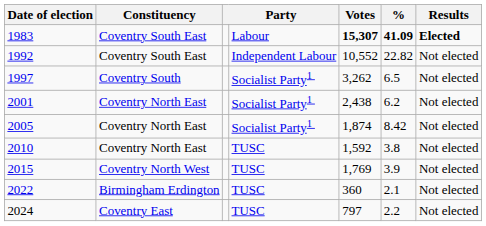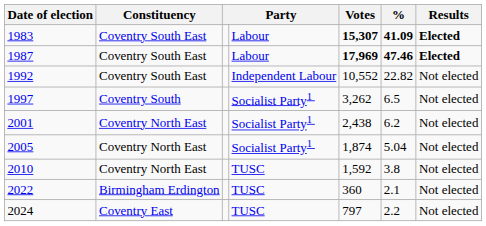 <table class="wikitable">
 <tr>
 <th>Date of election</th>
 <th>Constituency</th>
 <th colspan=2>Party</th>
 <th>Votes</th>
 <th>%</th>
 <th>Results</th>
 </tr>
 <tr>
 <td><a href='#'>1983</a></td>
 <td><a href='#'>Coventry South East</a></td>
 <td style="background:"></td>
 <td><a href='#'>Labour</a></td>
 <td><strong>15,307</strong></td>
 <td><strong>41.09</strong></td>
+<td><strong>Elected</strong></td>
+</tr>
+<tr>
+<td><a href='#'>1987</a></td>
+<td>Coventry South East</td>
+<td style="background:"></td>
+<td><a href='#'>Labour</a></td>
+<td><strong>17,969</strong></td>
+<td><strong>47.46</strong></td>
 <td><strong>Elected</strong></td>
 </tr>
 <tr>
 <td><a href='#'>1992</a></td>
 <td>Coventry South East</td>
 <td style="background:"></td>
 <td><a href='#'>Independent Labour</a></td>
 <td>10,552</td>
 <td>22.82</td>
 <td>Not elected</td>
 </tr>
 <tr>
 <td><a href='#'>1997</a></td>
 <td><a href='#'>Coventry South</a></td>
 <td style="background:"></td>
 <td><a href='#'>Socialist Party</a><sup><a href='#'>1 </a></sup></td>
 <td>3,262</td>
 <td>6.5</td>
 <td>Not elected</td>
 </tr>
 <tr>
 <td><a href='#'>2001</a></td>
 <td><a href='#'>Coventry North East</a></td>
 <td style="background:"></td>
 <td><a href='#'>Socialist Party</a><sup><a href='#'>1 </a></sup></td>
 <td>2,438</td>
 <td>6.2</td>
 <td>Not elected</td>
 </tr>
 <tr>
 <td><a href='#'>2005</a></td>
 <td>Coventry North East</td>
 <td style="background:"></td>
 <td><a href='#'>Socialist Party</a><sup><a href='#'>1 </a></sup></td>
 <td>1,874</td>
-<td>8.42</td>
+<td>5.04</td>
 <td>Not elected</td>
 </tr>
 <tr>
 <td><a href='#'>2010</a></td>
 <td>Coventry North East</td>
 <td style="background:"></td>
 <td><a href='#'>TUSC</a></td>
 <td>1,592</td>
 <td>3.8</td>
-<td>Not elected</td>
-</tr>
-<tr>
-<td><a href='#'>2015</a></td>
-<td><a href='#'>Coventry North West</a></td>
-<td style="background:"></td>
-<td><a href='#'>TUSC</a></td>
-<td>1,769</td>
-<td>3.9</td>
 <td>Not elected</td>
 </tr>
 <tr>
 <td><a href='#'>2022</a></td>
 <td><a href='#'>Birmingham Erdington</a></td>
 <td style="background:"></td>
 <td><a href='#'>TUSC</a></td>
 <td>360</td>
 <td>2.1</td>
 <td>Not elected</td>
 </tr>
 <tr>
 <td>2024</td>
 <td><a href='#'>Coventry East</a></td>
 <td style="background:"></td>
 <td><a href='#'>TUSC</a></td>
 <td>797</td>
 <td>2.2</td>
 <td>Not elected</td>
 </tr>
 </table>
